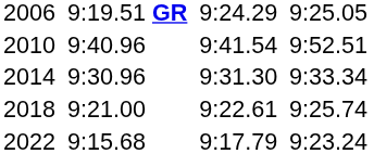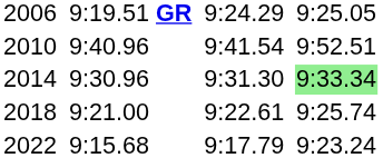 <table>
 <tr>
 <td>2006<br></td>
 <td></td>
 <td>9:19.51 <strong><a href='#'>GR</a></strong></td>
 <td></td>
 <td>9:24.29</td>
 <td></td>
 <td>9:25.05</td>
 </tr>
 <tr>
 <td>2010<br></td>
 <td></td>
 <td>9:40.96</td>
 <td></td>
 <td>9:41.54</td>
 <td></td>
 <td>9:52.51</td>
 </tr>
 <tr>
 <td>2014<br></td>
 <td></td>
 <td>9:30.96</td>
 <td></td>
 <td>9:31.30</td>
 <td></td>
-<td>9:33.34</td>
+<td style="background: lightgreen;">9:33.34</td>
 </tr>
 <tr>
 <td>2018<br></td>
 <td></td>
 <td>9:21.00</td>
 <td></td>
 <td>9:22.61</td>
 <td></td>
 <td>9:25.74</td>
 </tr>
 <tr>
 <td>2022<br></td>
 <td></td>
 <td>9:15.68 </td>
 <td></td>
 <td>9:17.79</td>
 <td></td>
 <td>9:23.24</td>
 </tr>
 </table>
